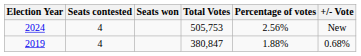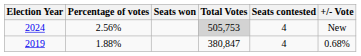 <table class="wikitable" style="text-align:center">
 <tr>
 <th Style="background-color:">Election Year</th>
-<th Style="background-color:">Seats contested</th>
+<th Style="background-color:">Percentage of votes</th>
 <th Style="background-color:">Seats won</th>
 <th Style="background-color:">Total Votes</th>
-<th Style="background-color:">Percentage of votes</th>
+<th Style="background-color:">Seats contested</th>
 <th Style="background-color:">+/- Vote</th>
 </tr>
 <tr>
 <td><a href='#'>2024</a></td>
+<td>2.56%</td>
+<td></td>
+<td style="background: lightgrey;">505,753</td>
 <td>4</td>
-<td></td>
-<td>505,753</td>
-<td>2.56%</td>
 <td>New</td>
 </tr>
 <tr>
 <td><a href='#'>2019</a></td>
-<td>4</td>
+<td>1.88%</td>
 <td></td>
 <td>380,847</td>
-<td>1.88%</td>
+<td>4</td>
 <td> 0.68%</td>
 </tr>
 </table>
